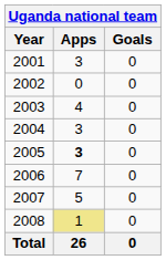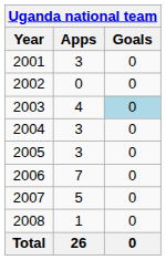 <table class="wikitable" style="text-align:center">
 <tr>
 <th colspan=3><a href='#'>Uganda national team</a></th>
 </tr>
 <tr>
 <th>Year</th>
 <th>Apps</th>
 <th>Goals</th>
 </tr>
 <tr>
 <td>2001</td>
 <td>3</td>
 <td>0</td>
 </tr>
 <tr>
 <td>2002</td>
 <td>0</td>
 <td>0</td>
 </tr>
 <tr>
 <td>2003</td>
 <td>4</td>
-<td>0</td>
+<td style="background: lightblue;">0</td>
 </tr>
 <tr>
 <td>2004</td>
 <td>3</td>
 <td>0</td>
 </tr>
 <tr>
 <td>2005</td>
-<td><strong>3</strong></td>
+<td>3</td>
 <td>0</td>
 </tr>
 <tr>
 <td>2006</td>
 <td>7</td>
 <td>0</td>
 </tr>
 <tr>
 <td>2007</td>
 <td>5</td>
 <td>0</td>
 </tr>
 <tr>
 <td>2008</td>
-<td style="background: khaki;">1</td>
+<td>1</td>
 <td>0</td>
 </tr>
 <tr>
 <th>Total</th>
 <th>26</th>
 <th>0</th>
 </tr>
 </table>
